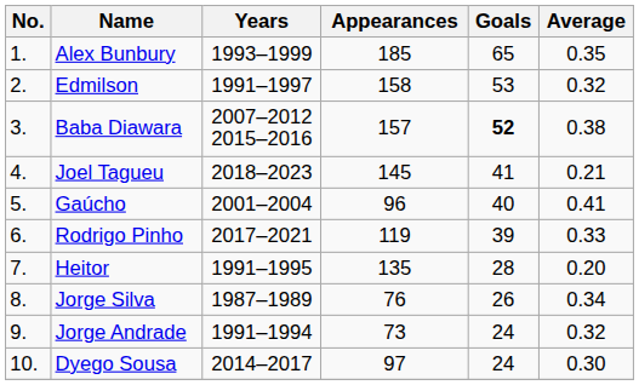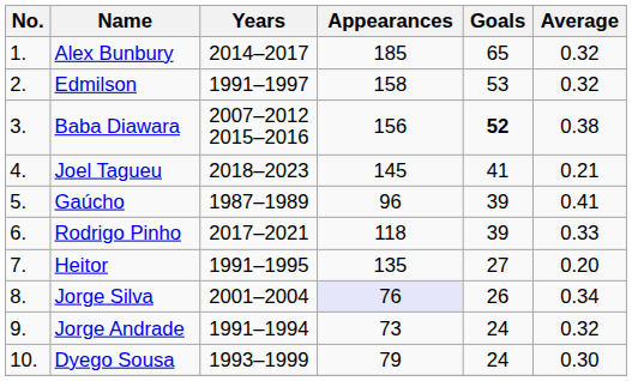 <table class="wikitable sortable" style="width:80%; align:center; text-align:center">
 <tr>
 <th>No.</th>
 <th>Name</th>
 <th>Years</th>
 <th>Appearances</th>
 <th>Goals</th>
 <th>Average</th>
 </tr>
 <tr>
 <td align="left">1.</td>
 <td align="left"> <a href='#'>Alex Bunbury</a></td>
-<td>1993–1999</td>
+<td>2014–2017</td>
 <td>185</td>
 <td>65</td>
-<td>0.35</td>
+<td>0.32</td>
 </tr>
 <tr>
 <td align="left">2.</td>
 <td align="left"> <a href='#'>Edmilson</a></td>
 <td>1991–1997</td>
 <td>158</td>
 <td>53</td>
 <td>0.32</td>
 </tr>
 <tr>
 <td align="left">3.</td>
 <td align="left"> <a href='#'>Baba Diawara</a></td>
 <td>2007–2012<br>2015–2016</td>
-<td>157</td>
+<td>156</td>
 <td><strong>52</strong></td>
 <td>0.38</td>
 </tr>
 <tr>
 <td align="left">4.</td>
 <td align="left"> <a href='#'>Joel Tagueu</a></td>
 <td>2018–2023</td>
 <td>145</td>
 <td>41</td>
 <td>0.21</td>
 </tr>
 <tr>
 <td align="left">5.</td>
 <td align="left"> <a href='#'>Gaúcho</a></td>
-<td>2001–2004</td>
+<td>1987–1989</td>
 <td>96</td>
-<td>40</td>
+<td>39</td>
 <td>0.41</td>
 </tr>
 <tr>
 <td align="left">6.</td>
 <td align="left"> <a href='#'>Rodrigo Pinho</a></td>
 <td>2017–2021</td>
-<td>119</td>
+<td>118</td>
 <td>39</td>
 <td>0.33</td>
 </tr>
 <tr>
 <td align="left">7.</td>
 <td align="left"> <a href='#'>Heitor</a></td>
 <td>1991–1995</td>
 <td>135</td>
-<td>28</td>
+<td>27</td>
 <td>0.20</td>
 </tr>
 <tr>
 <td align="left">8.</td>
 <td align="left"> <a href='#'>Jorge Silva</a></td>
-<td>1987–1989</td>
-<td>76</td>
+<td>2001–2004</td>
+<td style="background: lavender;">76</td>
 <td>26</td>
 <td>0.34</td>
 </tr>
 <tr>
 <td align="left">9.</td>
 <td align="left"> <a href='#'>Jorge Andrade</a></td>
 <td>1991–1994</td>
 <td>73</td>
 <td>24</td>
 <td>0.32</td>
 </tr>
 <tr>
 <td align="left">10.</td>
 <td align="left"> <a href='#'>Dyego Sousa</a></td>
-<td>2014–2017</td>
-<td>97</td>
+<td>1993–1999</td>
+<td>79</td>
 <td>24</td>
 <td>0.30</td>
 </tr>
 <tr>
 </tr>
 </table>
